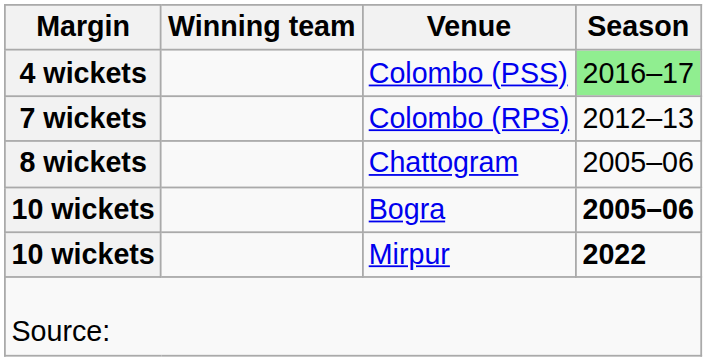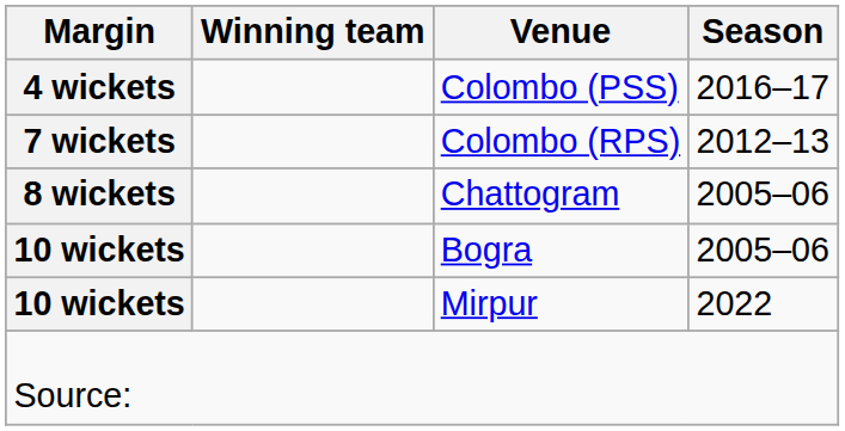 <table class="wikitable">
 <tr>
 <th align="center"><strong>Margin</strong></th>
 <th align="center"><strong>Winning team</strong></th>
 <th align="center"><strong>Venue</strong></th>
 <th align="center"><strong>Season</strong></th>
 </tr>
 <tr>
 <th>4 wickets</th>
 <td></td>
 <td><a href='#'>Colombo (PSS)</a></td>
-<td style="background: lightgreen;">2016–17</td>
+<td>2016–17</td>
 </tr>
 <tr>
 <th>7 wickets</th>
 <td></td>
 <td><a href='#'>Colombo (RPS)</a></td>
 <td>2012–13</td>
 </tr>
 <tr>
 <th>8 wickets</th>
 <td></td>
 <td><a href='#'>Chattogram</a></td>
 <td>2005–06</td>
 </tr>
 <tr>
 <th>10 wickets</th>
 <td></td>
 <td><a href='#'>Bogra</a></td>
-<td><strong>2005–06</strong></td>
+<td>2005–06</td>
 </tr>
 <tr>
 <th>10 wickets</th>
 <td></td>
 <td><a href='#'>Mirpur</a></td>
-<td><strong>2022</strong></td>
+<td>2022</td>
 </tr>
 <tr>
 <td colspan="5"><br>Source:</td>
 </tr>
 </table>
